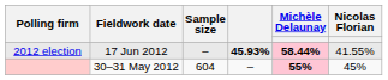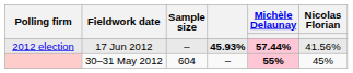 <table class="wikitable sortable" style="text-align:center;font-size:90%;line-height:14px;">
 <tr style="height:40px;">
 <th style="width:100px;" rowspan="2">Polling firm</th>
 <th style="width:110px;" rowspan="2">Fieldwork date</th>
 <th style="width:35px;" rowspan="2">Sample<br>size</th>
 <th style="width:30px;" rowspan="2"></th>
 <th class="unsortable" style="width:60px;"><a href='#'>Michèle Delaunay</a><br></th>
 <th class="unsortable" style="width:60px;">Nicolas Florian<br></th>
 </tr>
 <tr>
 <th style="background:"></th>
 <th style="background:"></th>
 </tr>
 <tr style="background:#E9E9E9;">
 <td><a href='#'>2012 election</a></td>
 <td data-sort-value="2012-06-17">17 Jun 2012</td>
 <td>–</td>
 <td><strong>45.93%</strong></td>
-<td style="background:#FFC6D5;"><strong>58.44%</strong></td>
-<td>41.55%</td>
+<td style="background:#FFC6D5;"><strong>57.44%</strong></td>
+<td>41.56%</td>
 </tr>
 <tr>
 <td style="background:#FFCCCC;"></td>
 <td data-sort-value="2012-05-31">30–31 May 2012</td>
 <td>604</td>
 <td>–</td>
 <td style="background:#FFC6D5;"><strong>55%</strong></td>
 <td>45%</td>
 </tr>
 </table>
